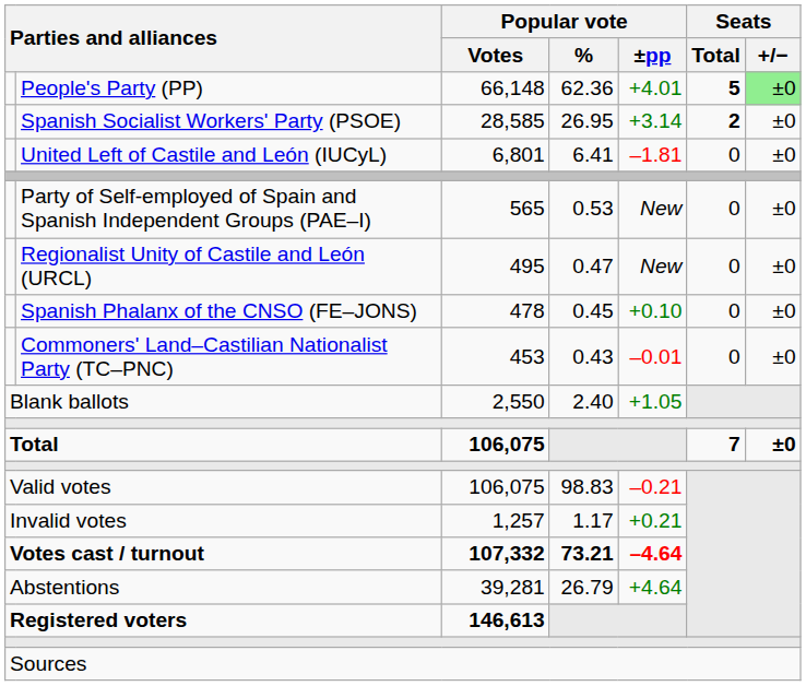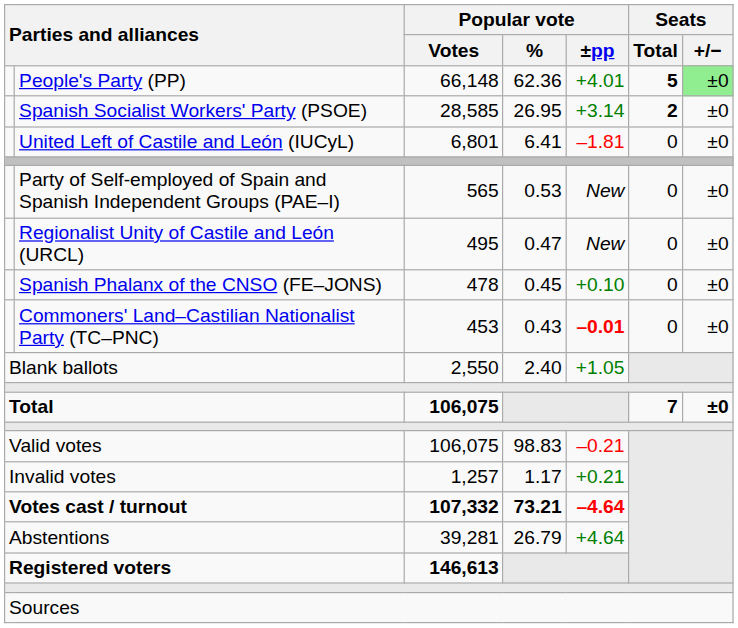 <table class="wikitable" style="text-align:right;">
 <tr>
 <th style="text-align:left;" rowspan="2" colspan="2" width="525">Parties and alliances</th>
 <th colspan="3">Popular vote</th>
 <th colspan="2">Seats</th>
 </tr>
 <tr>
 <th width="75">Votes</th>
 <th width="45">%</th>
 <th width="45">±<a href='#'>pp</a></th>
 <th width="35">Total</th>
 <th width="35">+/−</th>
 </tr>
 <tr>
 <td width="1" style="color:inherit;background:"></td>
 <td align="left"><a href='#'>People's Party</a> (PP)</td>
 <td>66,148</td>
 <td>62.36</td>
 <td style="color:green;">+4.01</td>
 <td><strong>5</strong></td>
 <td style="background: lightgreen;">±0</td>
 </tr>
 <tr>
 <td style="color:inherit;background:"></td>
 <td align="left"><a href='#'>Spanish Socialist Workers' Party</a> (PSOE)</td>
 <td>28,585</td>
 <td>26.95</td>
 <td style="color:green;">+3.14</td>
 <td><strong>2</strong></td>
 <td>±0</td>
 </tr>
 <tr>
 <td style="color:inherit;background:"></td>
 <td align="left"><a href='#'>United Left of Castile and León</a> (IUCyL)</td>
 <td>6,801</td>
 <td>6.41</td>
 <td style="color:red;">–1.81</td>
 <td>0</td>
 <td>±0</td>
 </tr>
 <tr>
 <td colspan="7" bgcolor="#C0C0C0"></td>
 </tr>
 <tr>
 <td style="color:inherit;background:"></td>
 <td align="left">Party of Self-employed of Spain and Spanish Independent Groups (PAE–I)</td>
 <td>565</td>
 <td>0.53</td>
 <td><em>New</em></td>
 <td>0</td>
 <td>±0</td>
 </tr>
 <tr>
 <td style="color:inherit;background:"></td>
 <td align="left"><a href='#'>Regionalist Unity of Castile and León</a> (URCL)</td>
 <td>495</td>
 <td>0.47</td>
 <td><em>New</em></td>
 <td>0</td>
 <td>±0</td>
 </tr>
 <tr>
 <td style="color:inherit;background:"></td>
 <td align="left"><a href='#'>Spanish Phalanx of the CNSO</a> (FE–JONS)</td>
 <td>478</td>
 <td>0.45</td>
 <td style="color:green;">+0.10</td>
 <td>0</td>
 <td>±0</td>
 </tr>
 <tr>
 <td style="color:inherit;background:"></td>
 <td align="left"><a href='#'>Commoners' Land–Castilian Nationalist Party</a> (TC–PNC)</td>
 <td>453</td>
 <td>0.43</td>
-<td style="color:red;">–0.01</td>
+<td style="color:red;"><strong>–0.01</strong></td>
 <td>0</td>
 <td>±0</td>
 </tr>
 <tr>
 <td align="left" colspan="2">Blank ballots</td>
 <td>2,550</td>
 <td>2.40</td>
 <td style="color:green;">+1.05</td>
 <td bgcolor="#E9E9E9" colspan="2"></td>
 </tr>
 <tr>
 <td colspan="7" bgcolor="#E9E9E9"></td>
 </tr>
 <tr style="font-weight:bold;">
 <td align="left" colspan="2">Total</td>
 <td>106,075</td>
 <td bgcolor="#E9E9E9" colspan="2"></td>
 <td>7</td>
 <td>±0</td>
 </tr>
 <tr>
 <td colspan="7" bgcolor="#E9E9E9"></td>
 </tr>
 <tr>
 <td align="left" colspan="2">Valid votes</td>
 <td>106,075</td>
 <td>98.83</td>
 <td style="color:red;">–0.21</td>
 <td bgcolor="#E9E9E9" colspan="2" rowspan="5"></td>
 </tr>
 <tr>
 <td align="left" colspan="2">Invalid votes</td>
 <td>1,257</td>
 <td>1.17</td>
 <td style="color:green;">+0.21</td>
 </tr>
 <tr style="font-weight:bold;">
 <td align="left" colspan="2">Votes cast / turnout</td>
 <td>107,332</td>
 <td>73.21</td>
 <td style="color:red;">–4.64</td>
 </tr>
 <tr>
 <td align="left" colspan="2">Abstentions</td>
 <td>39,281</td>
 <td>26.79</td>
 <td style="color:green;">+4.64</td>
 </tr>
 <tr style="font-weight:bold;">
 <td align="left" colspan="2">Registered voters</td>
 <td>146,613</td>
 <td bgcolor="#E9E9E9" colspan="2"></td>
 </tr>
 <tr>
 <td colspan="7" bgcolor="#E9E9E9"></td>
 </tr>
 <tr>
 <td align="left" colspan="7">Sources</td>
 </tr>
 </table>
